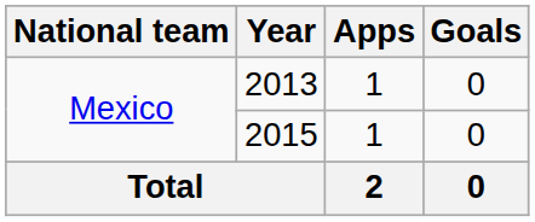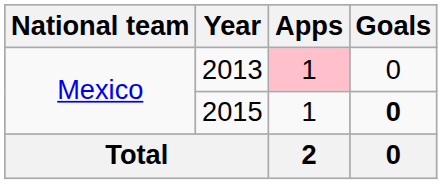 <table class="wikitable" style="text-align: center;">
 <tr>
 <th>National team</th>
 <th>Year</th>
 <th>Apps</th>
 <th>Goals</th>
 </tr>
 <tr>
 <td rowspan="2" valign="center"><a href='#'>Mexico</a></td>
 <td>2013</td>
-<td>1</td>
+<td style="background: pink;">1</td>
 <td>0</td>
 </tr>
 <tr>
 <td>2015</td>
 <td>1</td>
-<td>0</td>
+<td><strong>0</strong></td>
 </tr>
 <tr>
 <th colspan="2">Total</th>
 <th>2</th>
 <th>0</th>
 </tr>
 </table>
